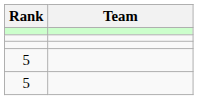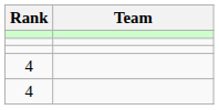 <table class=wikitable style="text-align:center">
 <tr>
 <th width=40>Rank</th>
 <th width=150>Team</th>
 </tr>
 <tr bgcolor=ccffcc>
 <td></td>
 <td align=left></td>
 </tr>
 <tr>
 <td></td>
 <td align=left></td>
 </tr>
 <tr>
 <td></td>
 <td align=left></td>
 </tr>
 <tr>
-<td>5</td>
+<td>4</td>
 <td align=left></td>
 </tr>
 <tr>
-<td>5</td>
+<td>4</td>
 <td align=left></td>
 </tr>
 </table>
